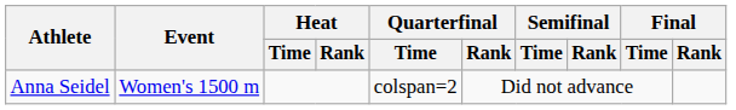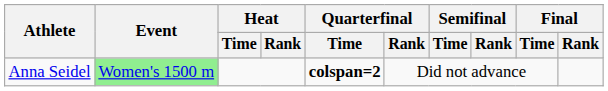 <table class="wikitable" style="font-size:90%">
 <tr>
 <th rowspan=2>Athlete</th>
 <th rowspan=2>Event</th>
 <th colspan=2>Heat</th>
 <th colspan=2>Quarterfinal</th>
 <th colspan=2>Semifinal</th>
 <th colspan=2>Final</th>
 </tr>
 <tr style="font-size:95%">
 <th>Time</th>
 <th>Rank</th>
 <th>Time</th>
 <th>Rank</th>
 <th>Time</th>
 <th>Rank</th>
 <th>Time</th>
 <th>Rank</th>
 </tr>
 <tr align=center>
 <td align=left><a href='#'>Anna Seidel</a></td>
-<td align=left><a href='#'>Women's 1500 m</a></td>
+<td align=left style="background: lightgreen;"><a href='#'>Women's 1500 m</a></td>
 <td colspan=2></td>
-<td>colspan=2</td>
+<td><strong>colspan=2</strong></td>
 <td colspan=4>Did not advance</td>
 </tr>
 </table>
